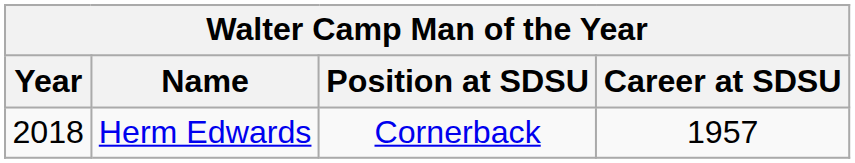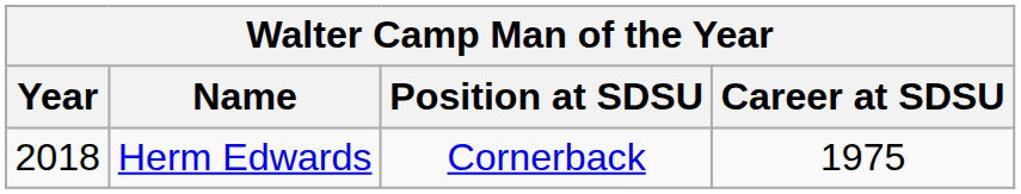 <table class="wikitable">
 <tr align="center">
 <th colspan=5>Walter Camp Man of the Year</th>
 </tr>
 <tr>
 <th>Year</th>
 <th>Name</th>
 <th>Position at SDSU</th>
 <th>Career at SDSU</th>
 </tr>
 <tr align="center" bgcolor="">
 <td>2018</td>
 <td><a href='#'>Herm Edwards</a></td>
 <td><a href='#'>Cornerback</a></td>
-<td>1957</td>
+<td>1975</td>
 </tr>
 </table>
